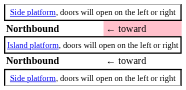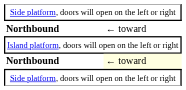 <table border=0 cellspacing=0 cellpadding=3>
 <tr>
 <td style="border-top:solid 1px gray;border-bottom:solid 1px gray;border-right:solid 2px black;border-left:solid 2px black;border-bottom:solid 2px black;text-align:center;" colspan=2><small><a href='#'>Side platform</a>, doors will open on the left or right</small></td>
 </tr>
 <tr>
 <td><strong>Northbound</strong></td>
-<td style="background: pink;">← <strong></strong> toward  </td>
+<td>← <strong></strong> toward  </td>
 </tr>
 <tr>
 <td style="border-top:solid 2px black;border-bottom:solid 1px gray;border-right:solid 2px black;border-left:solid 2px black;border-bottom:solid 2px black;text-align:center;" colspan=2><small><a href='#'>Island platform</a>, doors will open on the left or right</small></td>
 </tr>
 <tr>
 <td><strong>Northbound</strong></td>
-<td>← <strong></strong> toward  </td>
+<td style="background: lightyellow;">← <strong></strong> toward  </td>
 </tr>
 <tr>
 <td style="border-top:solid 2px black;border-right:solid 2px black;border-left:solid 2px black;border-bottom:solid 1px gray;text-align:center;" colspan=2><small><a href='#'>Side platform</a>, doors will open on the left or right</small></td>
 </tr>
 </table>
